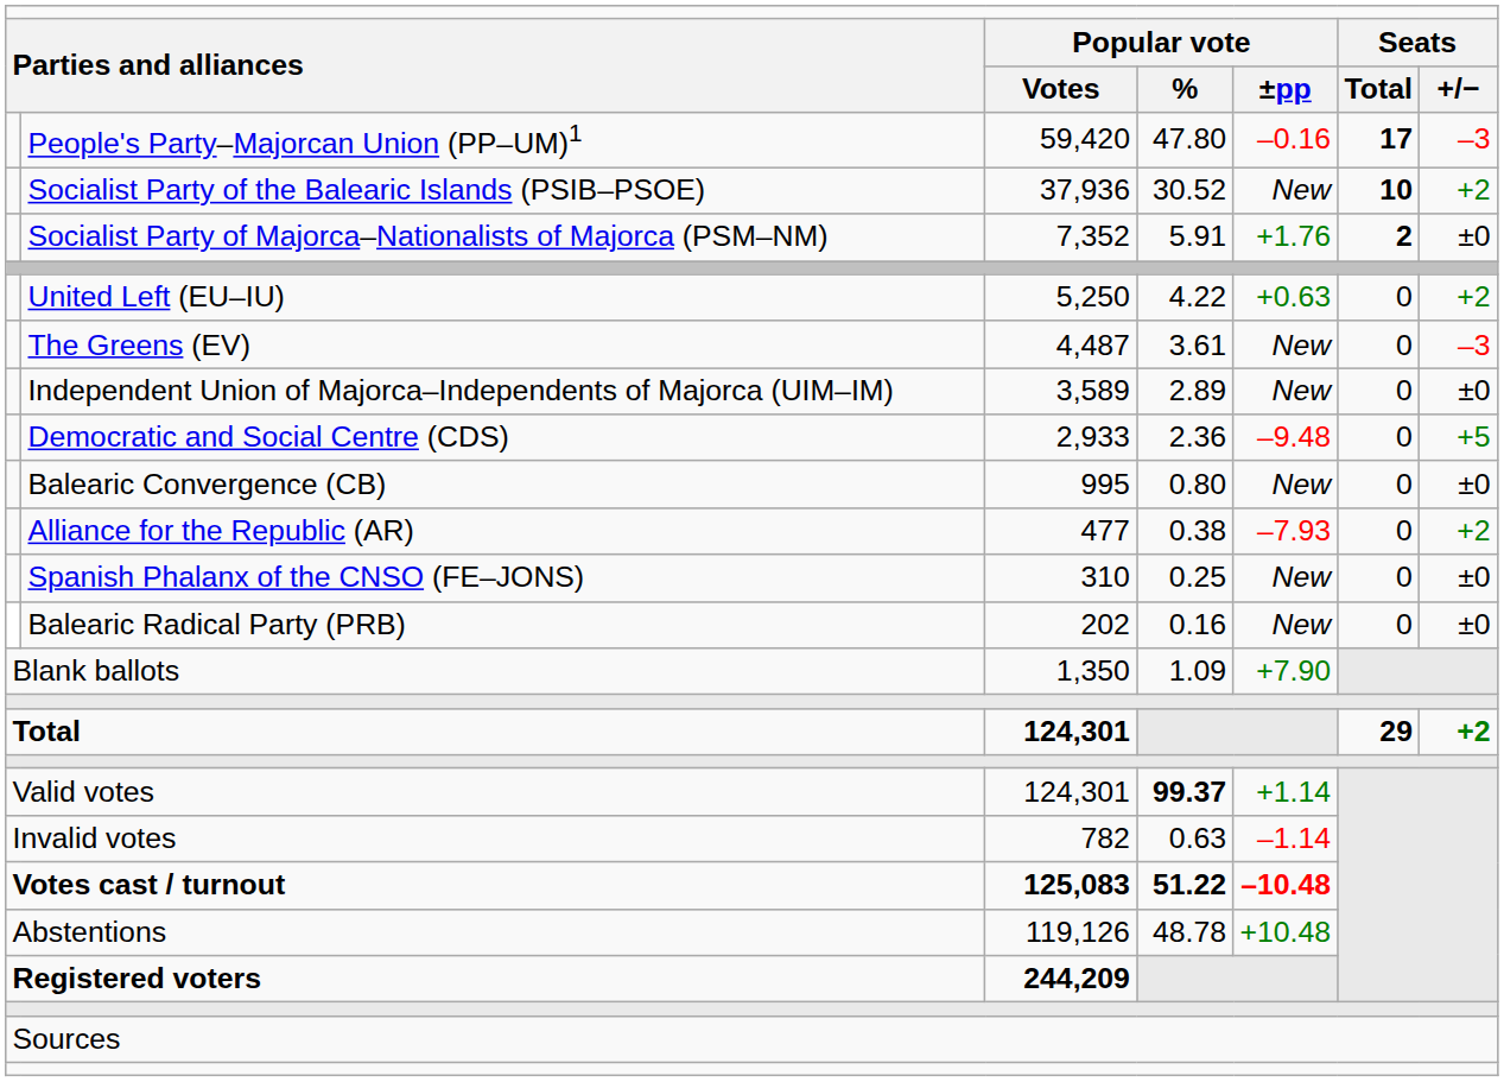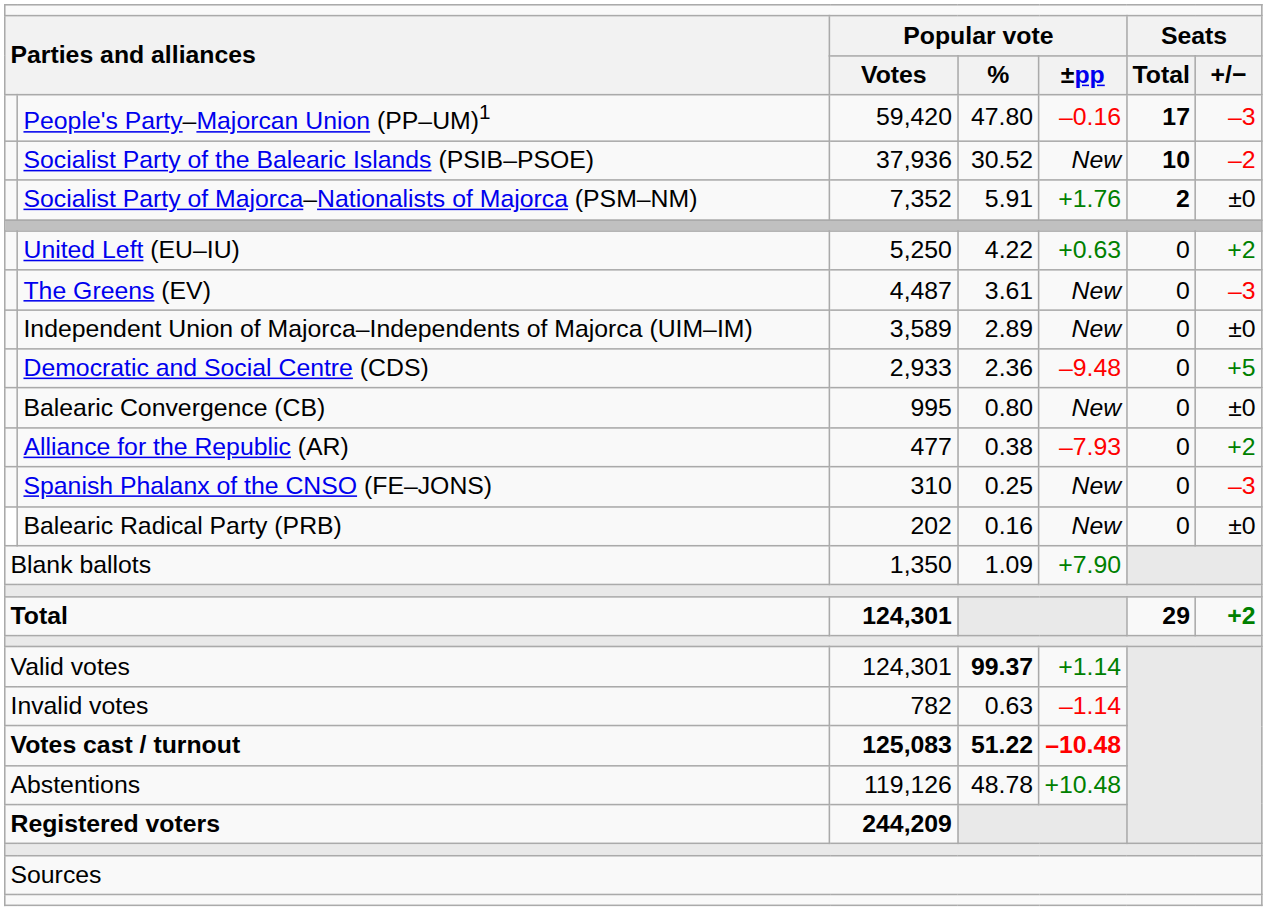 <table class="wikitable" style="text-align:right;">
 <tr>
 <td colspan="7"></td>
 </tr>
 <tr>
 <th style="text-align:left;" rowspan="2" colspan="2" width="525">Parties and alliances</th>
 <th colspan="3">Popular vote</th>
 <th colspan="2">Seats</th>
 </tr>
 <tr>
 <th width="75">Votes</th>
 <th width="45">%</th>
 <th width="45">±<a href='#'>pp</a></th>
 <th width="35">Total</th>
 <th width="35">+/−</th>
 </tr>
 <tr>
 <td width="1" style="color:inherit;background:"></td>
 <td align="left"><a href='#'>People's Party</a>–<a href='#'>Majorcan Union</a> (PP–UM)<sup>1</sup></td>
 <td>59,420</td>
 <td>47.80</td>
 <td style="color:red;">–0.16</td>
 <td><strong>17</strong></td>
 <td style="color:red;">–3</td>
 </tr>
 <tr>
 <td style="color:inherit;background:"></td>
 <td align="left"><a href='#'>Socialist Party of the Balearic Islands</a> (PSIB–PSOE)</td>
 <td>37,936</td>
 <td>30.52</td>
 <td><em>New</em></td>
 <td><strong>10</strong></td>
-<td style="color:green;">+2</td>
+<td style="color:red;">–2</td>
 </tr>
 <tr>
 <td style="color:inherit;background:"></td>
 <td align="left"><a href='#'>Socialist Party of Majorca</a>–<a href='#'>Nationalists of Majorca</a> (PSM–NM)</td>
 <td>7,352</td>
 <td>5.91</td>
 <td style="color:green;">+1.76</td>
 <td><strong>2</strong></td>
 <td>±0</td>
 </tr>
 <tr>
 <td colspan="7" bgcolor="#C0C0C0"></td>
 </tr>
 <tr>
 <td style="color:inherit;background:"></td>
 <td align="left"><a href='#'>United Left</a> (EU–IU)</td>
 <td>5,250</td>
 <td>4.22</td>
 <td style="color:green;">+0.63</td>
 <td>0</td>
 <td style="color:green;">+2</td>
 </tr>
 <tr>
 <td style="color:inherit;background:"></td>
 <td align="left"><a href='#'>The Greens</a> (EV)</td>
 <td>4,487</td>
 <td>3.61</td>
 <td><em>New</em></td>
 <td>0</td>
 <td style="color:red;">–3</td>
 </tr>
 <tr>
 <td style="color:inherit;background:"></td>
 <td align="left">Independent Union of Majorca–Independents of Majorca (UIM–IM)</td>
 <td>3,589</td>
 <td>2.89</td>
 <td><em>New</em></td>
 <td>0</td>
 <td>±0</td>
 </tr>
 <tr>
 <td style="color:inherit;background:"></td>
 <td align="left"><a href='#'>Democratic and Social Centre</a> (CDS)</td>
 <td>2,933</td>
 <td>2.36</td>
 <td style="color:red;">–9.48</td>
 <td>0</td>
 <td style="color:green;">+5</td>
 </tr>
 <tr>
 <td style="color:inherit;background:"></td>
 <td align="left">Balearic Convergence (CB)</td>
 <td>995</td>
 <td>0.80</td>
 <td><em>New</em></td>
 <td>0</td>
 <td>±0</td>
 </tr>
 <tr>
 <td style="color:inherit;background:"></td>
 <td align="left"><a href='#'>Alliance for the Republic</a> (AR)</td>
 <td>477</td>
 <td>0.38</td>
 <td style="color:red;">–7.93</td>
 <td>0</td>
 <td style="color:green;">+2</td>
 </tr>
 <tr>
 <td style="color:inherit;background:"></td>
 <td align="left"><a href='#'>Spanish Phalanx of the CNSO</a> (FE–JONS)</td>
 <td>310</td>
 <td>0.25</td>
 <td><em>New</em></td>
 <td>0</td>
-<td>±0</td>
+<td style="color:red;">–3</td>
 </tr>
 <tr>
 <td bgcolor="white"></td>
 <td align="left">Balearic Radical Party (PRB)</td>
 <td>202</td>
 <td>0.16</td>
 <td><em>New</em></td>
 <td>0</td>
 <td>±0</td>
 </tr>
 <tr>
 <td align="left" colspan="2">Blank ballots</td>
 <td>1,350</td>
 <td>1.09</td>
 <td style="color:green;">+7.90</td>
 <td bgcolor="#E9E9E9" colspan="2"></td>
 </tr>
 <tr>
 <td colspan="7" bgcolor="#E9E9E9"></td>
 </tr>
 <tr style="font-weight:bold;">
 <td align="left" colspan="2">Total</td>
 <td>124,301</td>
 <td bgcolor="#E9E9E9" colspan="2"></td>
 <td>29</td>
 <td style="color:green;">+2</td>
 </tr>
 <tr>
 <td colspan="7" bgcolor="#E9E9E9"></td>
 </tr>
 <tr>
 <td align="left" colspan="2">Valid votes</td>
 <td>124,301</td>
 <td><strong>99.37</strong></td>
 <td style="color:green;">+1.14</td>
 <td bgcolor="#E9E9E9" colspan="2" rowspan="5"></td>
 </tr>
 <tr>
 <td align="left" colspan="2">Invalid votes</td>
 <td>782</td>
 <td>0.63</td>
 <td style="color:red;">–1.14</td>
 </tr>
 <tr style="font-weight:bold;">
 <td align="left" colspan="2">Votes cast / turnout</td>
 <td>125,083</td>
 <td>51.22</td>
 <td style="color:red;">–10.48</td>
 </tr>
 <tr>
 <td align="left" colspan="2">Abstentions</td>
 <td>119,126</td>
 <td>48.78</td>
 <td style="color:green;">+10.48</td>
 </tr>
 <tr style="font-weight:bold;">
 <td align="left" colspan="2">Registered voters</td>
 <td>244,209</td>
 <td bgcolor="#E9E9E9" colspan="2"></td>
 </tr>
 <tr>
 <td colspan="7" bgcolor="#E9E9E9"></td>
 </tr>
 <tr>
 <td align="left" colspan="7">Sources</td>
 </tr>
 <tr>
 <td colspan="7" style="text-align:left; max-width:790px;"></td>
 </tr>
 </table>
